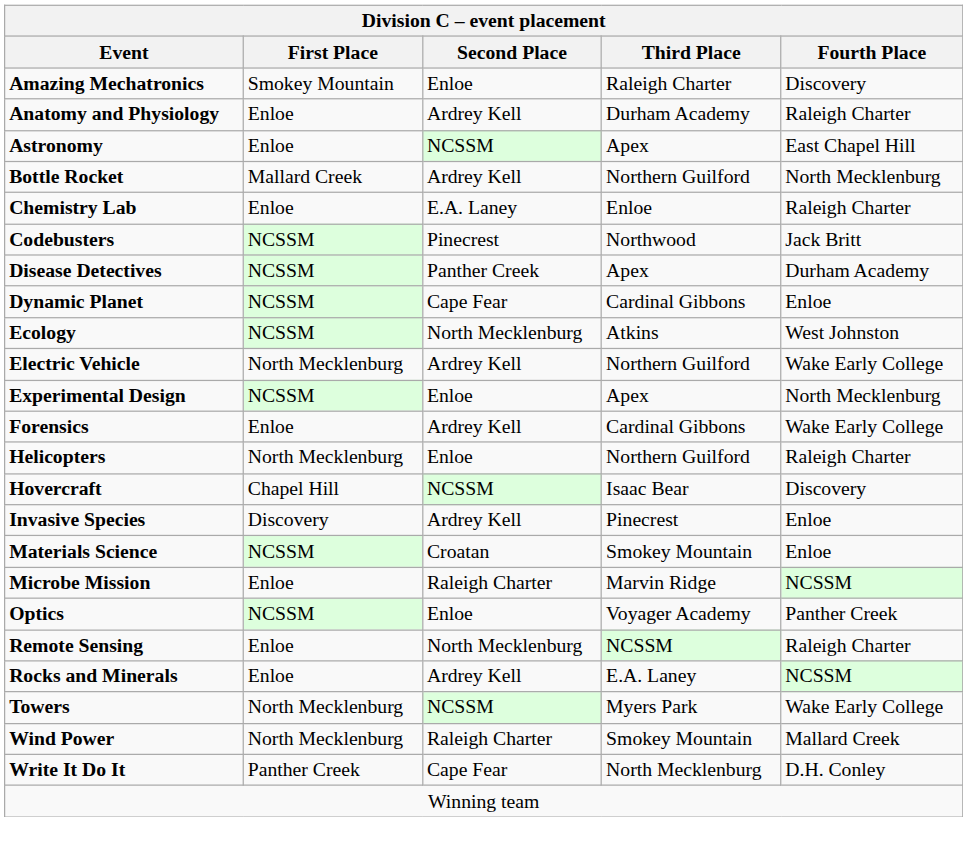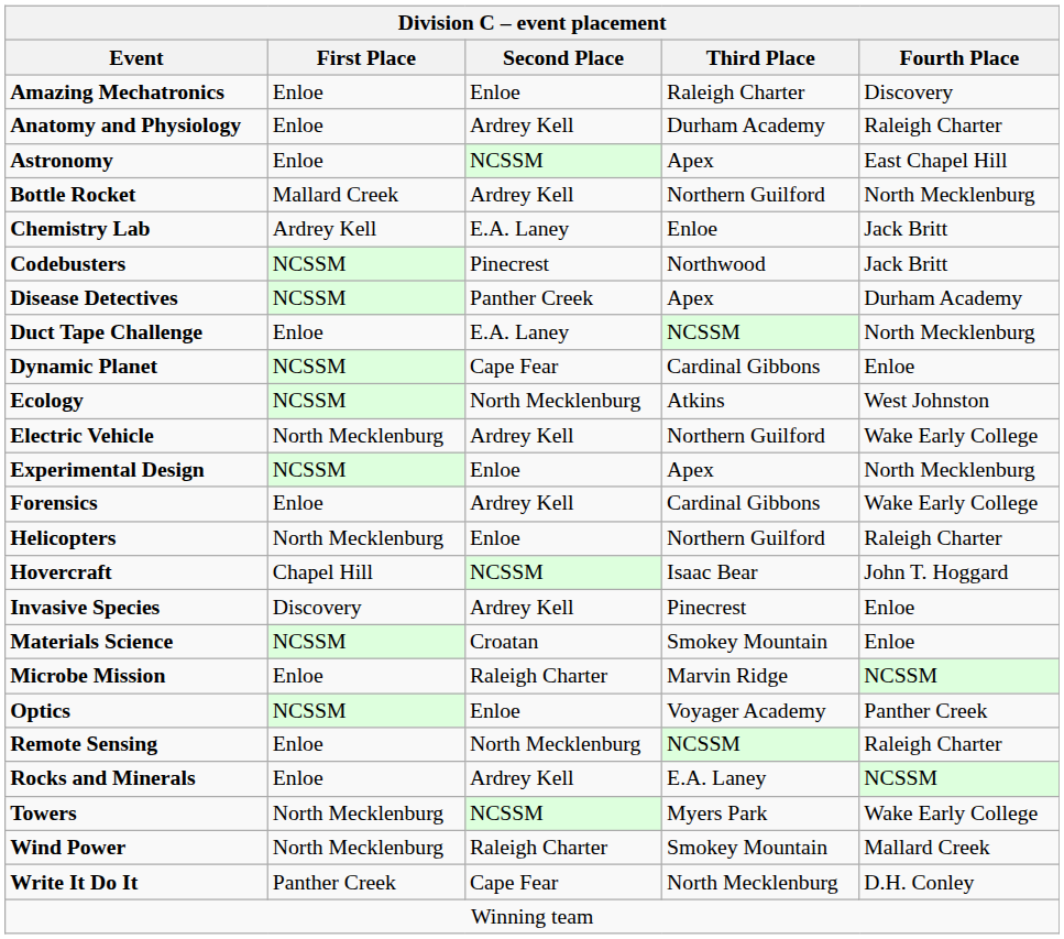 <table class="wikitable collapsible collapsed" style="float:left; width:780px">
 <tr>
 <th colspan=5>Division C – event placement</th>
 </tr>
 <tr>
 <th>Event</th>
 <th>First Place</th>
 <th>Second Place</th>
 <th>Third Place</th>
 <th>Fourth Place</th>
 </tr>
 <tr>
 <td><strong>Amazing Mechatronics</strong></td>
-<td>Smokey Mountain</td>
+<td>Enloe</td>
 <td>Enloe</td>
 <td>Raleigh Charter</td>
 <td>Discovery</td>
 </tr>
 <tr>
 <td><strong>Anatomy and Physiology</strong></td>
 <td>Enloe</td>
 <td>Ardrey Kell</td>
 <td>Durham Academy</td>
 <td>Raleigh Charter</td>
 </tr>
 <tr>
 <td><strong>Astronomy</strong></td>
 <td>Enloe</td>
 <td style="background:#ddffdd">NCSSM</td>
 <td>Apex</td>
 <td>East Chapel Hill</td>
 </tr>
 <tr>
 <td><strong>Bottle Rocket</strong></td>
 <td>Mallard Creek</td>
 <td>Ardrey Kell</td>
 <td>Northern Guilford</td>
 <td>North Mecklenburg</td>
 </tr>
 <tr>
 <td><strong>Chemistry Lab</strong></td>
-<td>Enloe</td>
+<td>Ardrey Kell</td>
 <td>E.A. Laney</td>
 <td>Enloe</td>
-<td>Raleigh Charter</td>
+<td>Jack Britt</td>
 </tr>
 <tr>
 <td><strong>Codebusters</strong></td>
 <td style="background:#ddffdd">NCSSM</td>
 <td>Pinecrest</td>
 <td>Northwood</td>
 <td>Jack Britt</td>
 </tr>
 <tr>
 <td><strong>Disease Detectives</strong></td>
 <td style="background:#ddffdd">NCSSM</td>
 <td>Panther Creek</td>
 <td>Apex</td>
 <td>Durham Academy</td>
+</tr>
+<tr>
+<td><strong>Duct Tape Challenge</strong></td>
+<td>Enloe</td>
+<td>E.A. Laney</td>
+<td style="background:#ddffdd">NCSSM</td>
+<td>North Mecklenburg</td>
 </tr>
 <tr>
 <td><strong>Dynamic Planet</strong></td>
 <td style="background:#ddffdd">NCSSM</td>
 <td>Cape Fear</td>
 <td>Cardinal Gibbons</td>
 <td>Enloe</td>
 </tr>
 <tr>
 <td><strong>Ecology</strong></td>
 <td style="background:#ddffdd">NCSSM</td>
 <td>North Mecklenburg</td>
 <td>Atkins</td>
 <td>West Johnston</td>
 </tr>
 <tr>
 <td><strong>Electric Vehicle</strong></td>
 <td>North Mecklenburg</td>
 <td>Ardrey Kell</td>
 <td>Northern Guilford</td>
 <td>Wake Early College</td>
 </tr>
 <tr>
 <td><strong>Experimental Design</strong></td>
 <td style="background:#ddffdd">NCSSM</td>
 <td>Enloe</td>
 <td>Apex</td>
 <td>North Mecklenburg</td>
 </tr>
 <tr>
 <td><strong>Forensics</strong></td>
 <td>Enloe</td>
 <td>Ardrey Kell</td>
 <td>Cardinal Gibbons</td>
 <td>Wake Early College</td>
 </tr>
 <tr>
 <td><strong>Helicopters</strong></td>
 <td>North Mecklenburg</td>
 <td>Enloe</td>
 <td>Northern Guilford</td>
 <td>Raleigh Charter</td>
 </tr>
 <tr>
 <td><strong>Hovercraft</strong></td>
 <td>Chapel Hill</td>
 <td style="background:#ddffdd">NCSSM</td>
 <td>Isaac Bear</td>
-<td>Discovery</td>
+<td>John T. Hoggard</td>
 </tr>
 <tr>
 <td><strong>Invasive Species</strong></td>
 <td>Discovery</td>
 <td>Ardrey Kell</td>
 <td>Pinecrest</td>
 <td>Enloe</td>
 </tr>
 <tr>
 <td><strong>Materials Science</strong></td>
 <td style="background:#ddffdd">NCSSM</td>
 <td>Croatan</td>
 <td>Smokey Mountain</td>
 <td>Enloe</td>
 </tr>
 <tr>
 <td><strong>Microbe Mission</strong></td>
 <td>Enloe</td>
 <td>Raleigh Charter</td>
 <td>Marvin Ridge</td>
 <td style="background:#ddffdd">NCSSM</td>
 </tr>
 <tr>
 <td><strong>Optics</strong></td>
 <td style="background:#ddffdd">NCSSM</td>
 <td>Enloe</td>
 <td>Voyager Academy</td>
 <td>Panther Creek</td>
 </tr>
 <tr>
 <td><strong>Remote Sensing</strong></td>
 <td>Enloe</td>
 <td>North Mecklenburg</td>
 <td style="background:#ddffdd">NCSSM</td>
 <td>Raleigh Charter</td>
 </tr>
 <tr>
 <td><strong>Rocks and Minerals</strong></td>
 <td>Enloe</td>
 <td>Ardrey Kell</td>
 <td>E.A. Laney</td>
 <td style="background:#ddffdd">NCSSM</td>
 </tr>
 <tr>
 <td><strong>Towers</strong></td>
 <td>North Mecklenburg</td>
 <td style="background:#ddffdd">NCSSM</td>
 <td>Myers Park</td>
 <td>Wake Early College</td>
 </tr>
 <tr>
 <td><strong>Wind Power</strong></td>
 <td>North Mecklenburg</td>
 <td>Raleigh Charter</td>
 <td>Smokey Mountain</td>
 <td>Mallard Creek</td>
 </tr>
 <tr>
 <td><strong>Write It Do It</strong></td>
 <td>Panther Creek</td>
 <td>Cape Fear</td>
 <td>North Mecklenburg</td>
 <td>D.H. Conley</td>
 </tr>
 <tr>
 <td colspan=5 style=text-align:center> Winning team</td>
 </tr>
 </table>
